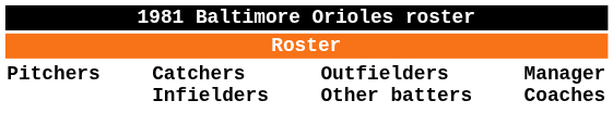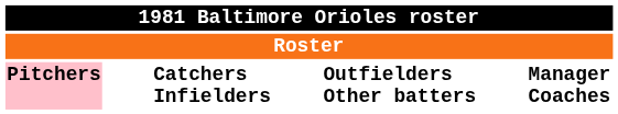 <table class="toccolours" style="font-size: 95%;">
 <tr>
 <th colspan="10" style="background-color: black; color: white; text-align: center;">1981 Baltimore Orioles roster</th>
 </tr>
 <tr>
 <td colspan="10" style="background-color: #F87217; color: white; text-align: center;"><strong>Roster</strong></td>
 </tr>
 <tr>
-<td valign="top"><strong>Pitchers</strong><br>           </td>
+<td valign="top" style="background: pink;"><strong>Pitchers</strong><br>           </td>
 <td width="25px"></td>
 <td valign="top"><strong>Catchers</strong><br>   <strong>Infielders</strong>        </td>
 <td width="25px"></td>
 <td valign="top"><strong>Outfielders</strong><br>        <strong>Other batters</strong>   </td>
 <td width="25px"></td>
 <td valign="top"><strong>Manager</strong><br> <strong>Coaches</strong>     </td>
 </tr>
 <tr>
 </tr>
 </table>
